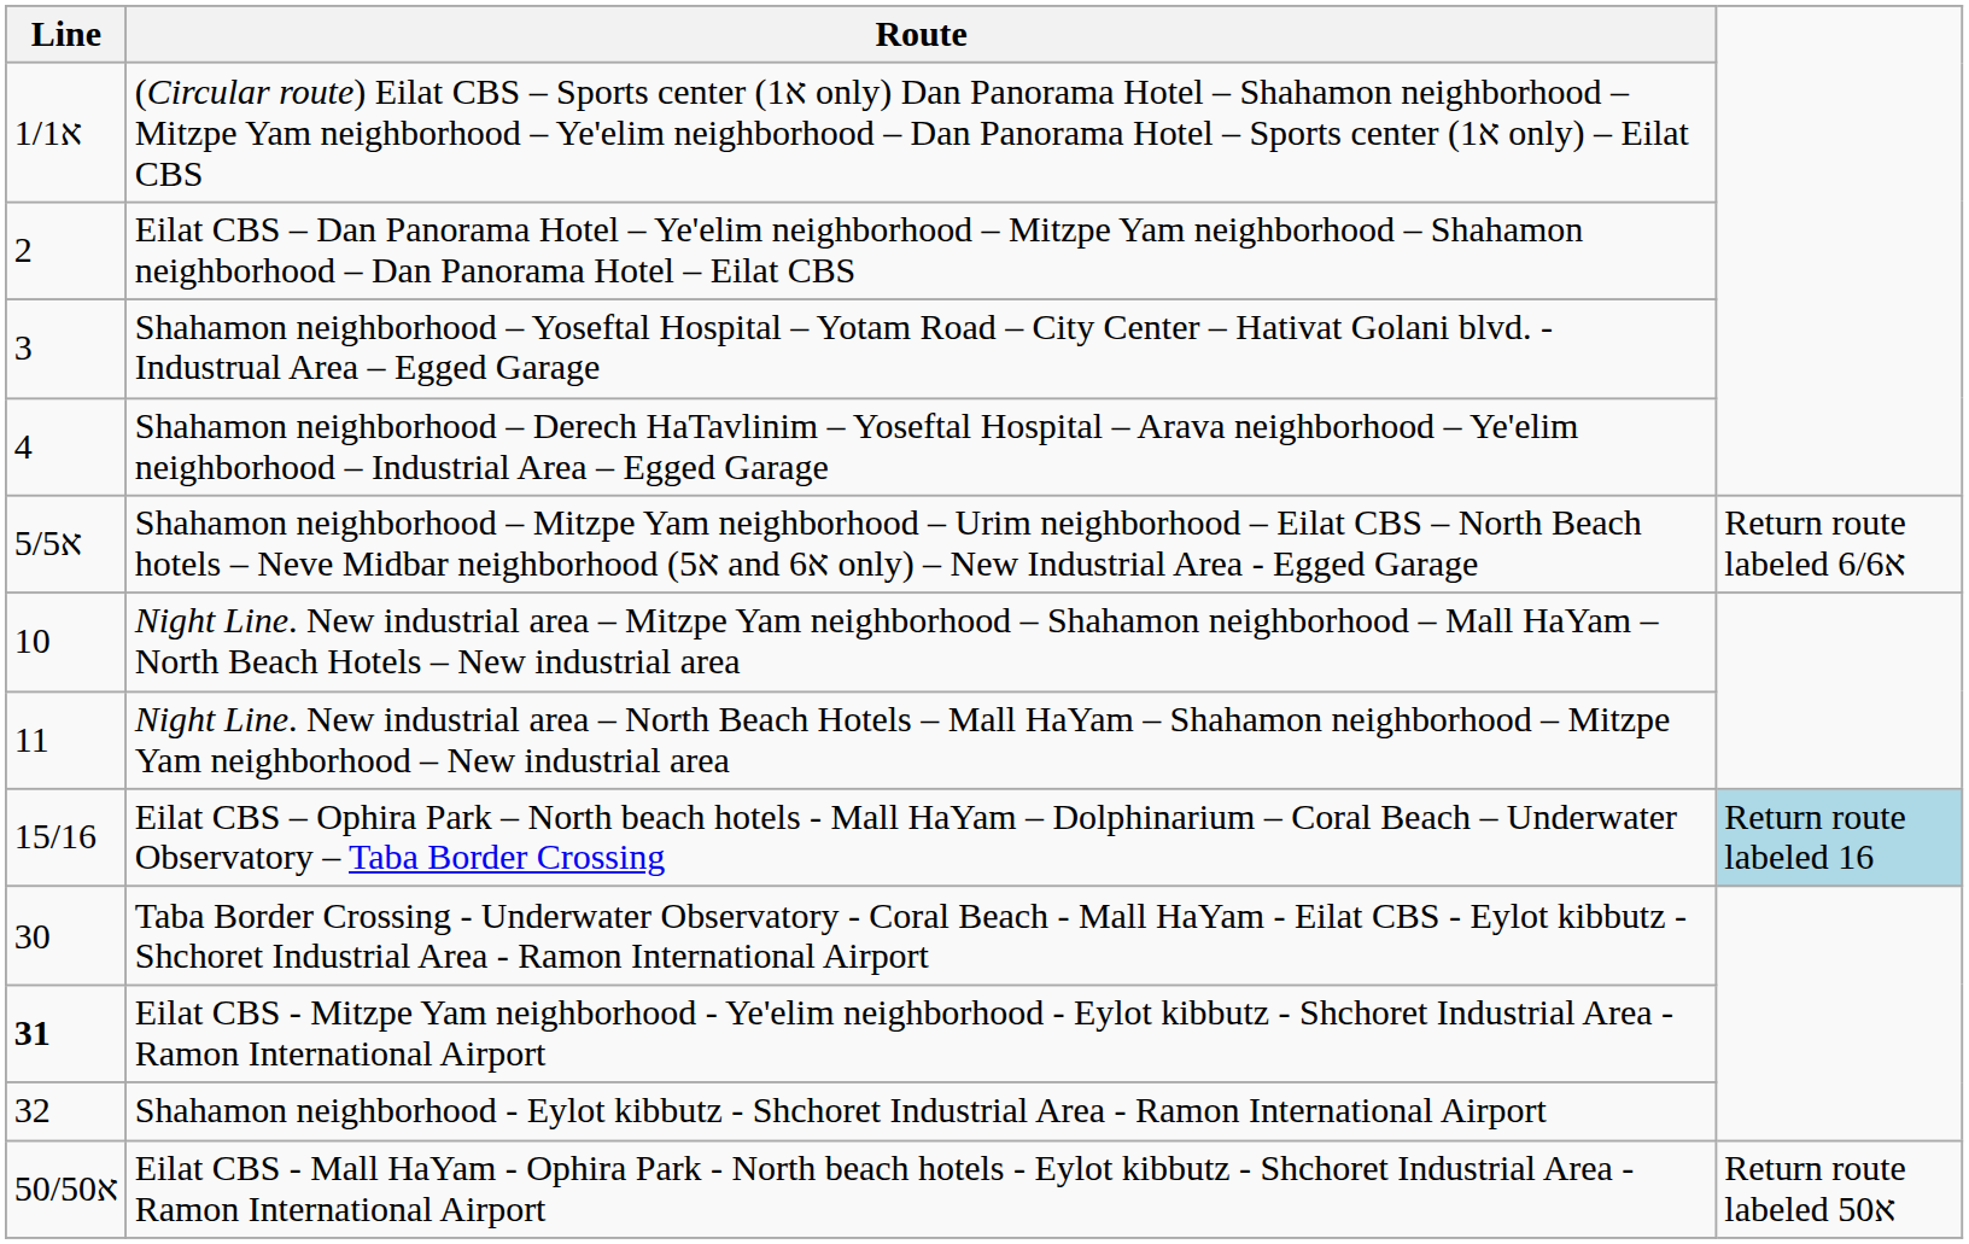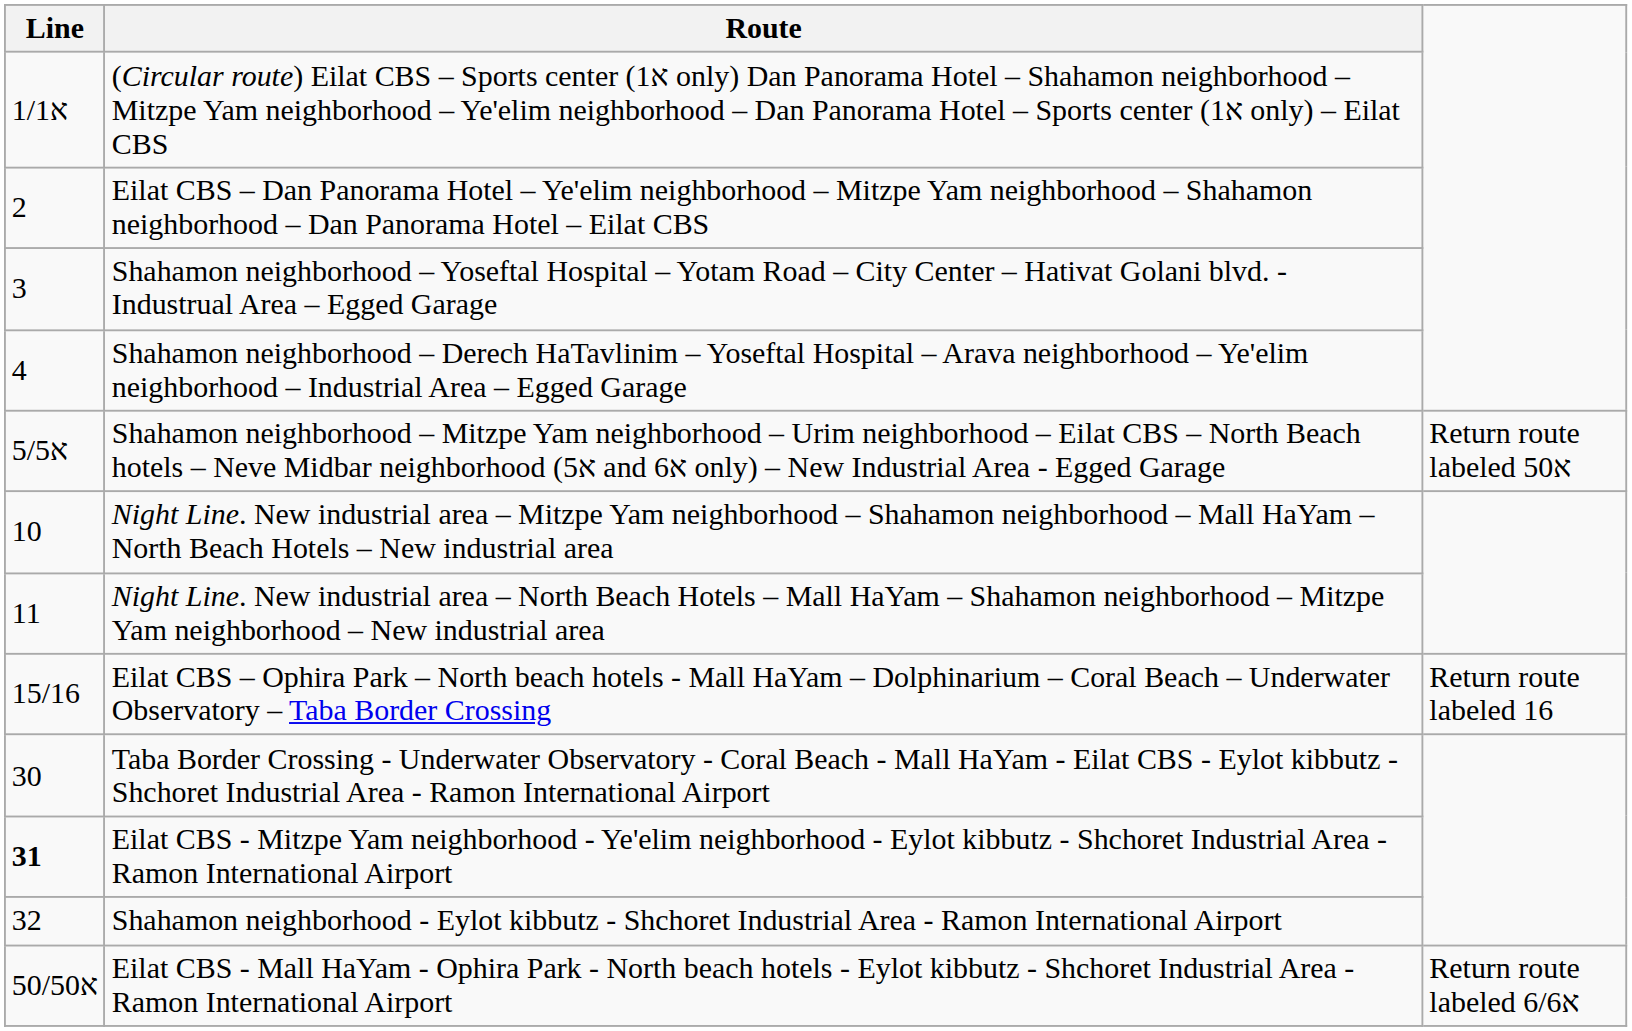 <table class="wikitable">
 <tr>
 <th>Line</th>
 <th>Route</th>
 </tr>
 <tr>
 <td>1/1א</td>
 <td>(<em>Circular route</em>) Eilat CBS – Sports center (1א only) Dan Panorama Hotel – Shahamon neighborhood – Mitzpe Yam neighborhood – Ye'elim neighborhood – Dan Panorama Hotel – Sports center (1א only) – Eilat CBS</td>
 </tr>
 <tr>
 <td>2</td>
 <td>Eilat CBS – Dan Panorama Hotel – Ye'elim neighborhood – Mitzpe Yam neighborhood – Shahamon neighborhood – Dan Panorama Hotel – Eilat CBS</td>
 </tr>
 <tr>
 <td>3</td>
 <td>Shahamon neighborhood – Yoseftal Hospital – Yotam Road – City Center – Hativat Golani blvd. - Industrual Area – Egged Garage</td>
 </tr>
 <tr>
 <td>4</td>
 <td>Shahamon neighborhood – Derech HaTavlinim – Yoseftal Hospital – Arava neighborhood – Ye'elim neighborhood – Industrial Area – Egged Garage</td>
 </tr>
 <tr>
 <td>5/5א</td>
 <td>Shahamon neighborhood – Mitzpe Yam neighborhood – Urim neighborhood – Eilat CBS – North Beach hotels – Neve Midbar neighborhood (5א and 6א only) – New Industrial Area - Egged Garage</td>
-<td>Return route labeled 6/6א</td>
+<td>Return route labeled 50א</td>
 </tr>
 <tr>
 <td>10</td>
 <td><em>Night Line</em>. New industrial area – Mitzpe Yam neighborhood – Shahamon neighborhood – Mall HaYam – North Beach Hotels – New industrial area</td>
 </tr>
 <tr>
 <td>11</td>
 <td><em>Night Line</em>. New industrial area – North Beach Hotels – Mall HaYam – Shahamon neighborhood – Mitzpe Yam neighborhood – New industrial area</td>
 </tr>
 <tr>
 <td>15/16</td>
 <td>Eilat CBS – Ophira Park – North beach hotels - Mall HaYam – Dolphinarium – Coral Beach – Underwater Observatory – <a href='#'>Taba Border Crossing</a></td>
-<td style="background: lightblue;">Return route labeled 16</td>
+<td>Return route labeled 16</td>
 </tr>
 <tr>
 <td>30</td>
 <td>Taba Border Crossing - Underwater Observatory - Coral Beach - Mall HaYam - Eilat CBS - Eylot kibbutz - Shchoret Industrial Area - Ramon International Airport</td>
 </tr>
 <tr>
 <td><strong>31</strong></td>
 <td>Eilat CBS - Mitzpe Yam neighborhood - Ye'elim neighborhood - Eylot kibbutz - Shchoret Industrial Area - Ramon International Airport</td>
 </tr>
 <tr>
 <td>32</td>
 <td>Shahamon neighborhood - Eylot kibbutz - Shchoret Industrial Area - Ramon International Airport</td>
 </tr>
 <tr>
 <td>50/50א</td>
 <td>Eilat CBS - Mall HaYam - Ophira Park - North beach hotels - Eylot kibbutz - Shchoret Industrial Area - Ramon International Airport</td>
-<td>Return route labeled 50א</td>
+<td>Return route labeled 6/6א</td>
 </tr>
 </table>
